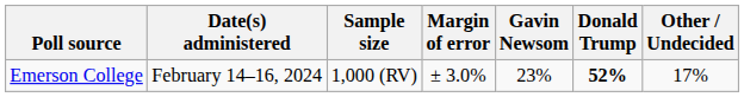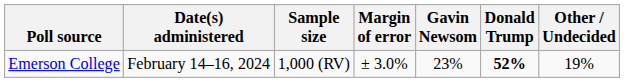 <table class="wikitable sortable mw-datatable" style="font-size:90%;text-align:center;line-height:17px">
 <tr valign=bottom>
 <th>Poll source</th>
 <th>Date(s)<br>administered</th>
 <th>Sample<br>size</th>
 <th>Margin<br>of error</th>
 <th class="unsortable">Gavin<br>Newsom<br></th>
 <th class="unsortable">Donald<br>Trump<br></th>
 <th class="unsortable">Other /<br>Undecided</th>
 </tr>
 <tr>
 <td style="text-align:left;"><a href='#'>Emerson College</a></td>
 <td data-sort-value="2024-02-21">February 14–16, 2024</td>
 <td>1,000 (RV)</td>
 <td>± 3.0%</td>
 <td>23%</td>
 <td style="background-color:"><strong>52%</strong></td>
-<td>17%</td>
+<td>19%</td>
 </tr>
 </table>
